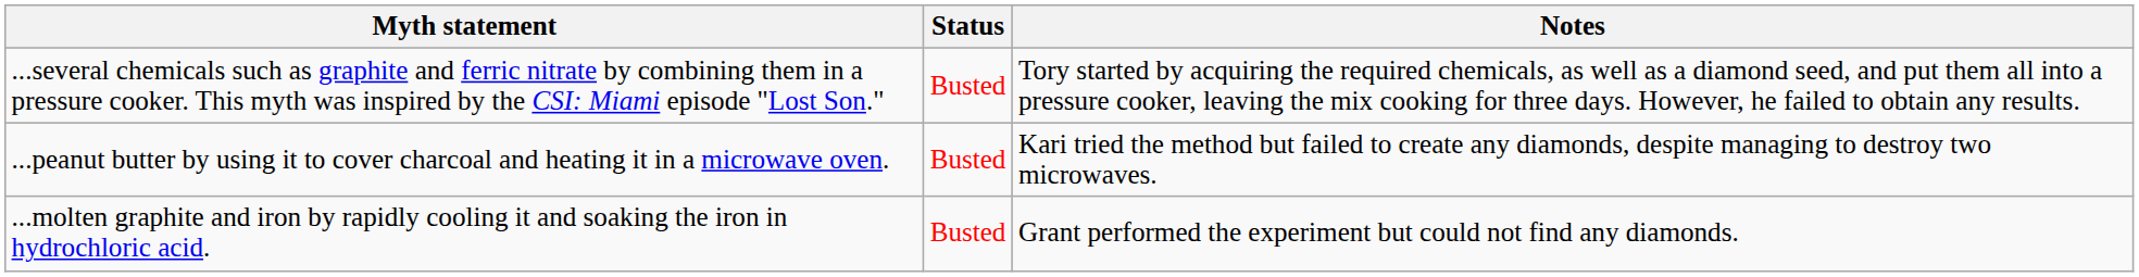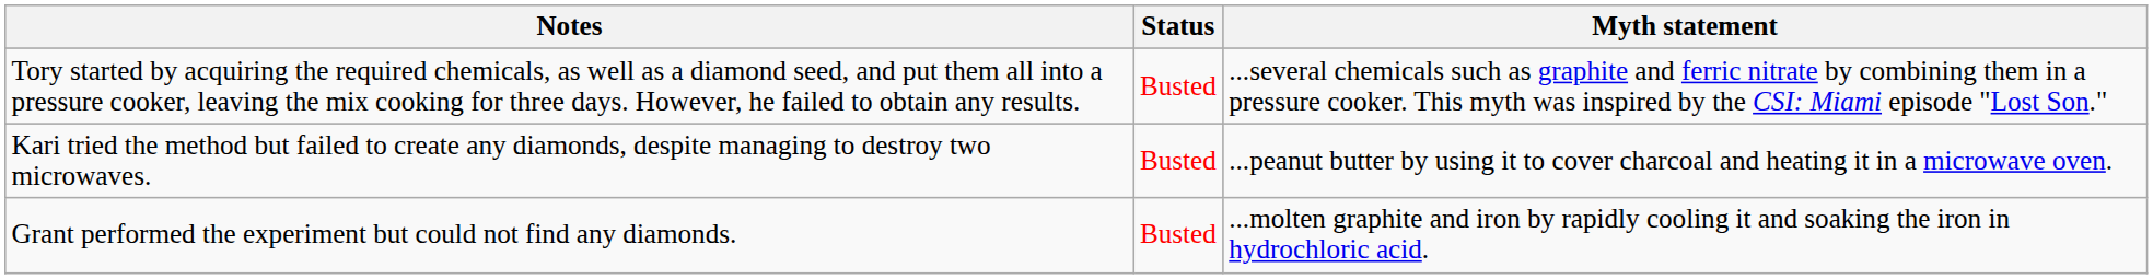 <table class="wikitable plainrowheaders">
 <tr>
+<th>Notes</th>
+<th>Status</th>
 <th>Myth statement</th>
-<th>Status</th>
-<th>Notes</th>
 </tr>
 <tr>
+<td>Tory started by acquiring the required chemicals, as well as a diamond seed, and put them all into a pressure cooker, leaving the mix cooking for three days. However, he failed to obtain any results.</td>
+<td style="color:red">Busted</td>
 <td>...several chemicals such as <a href='#'>graphite</a> and <a href='#'>ferric nitrate</a> by combining them in a pressure cooker. This myth was inspired by the <em><a href='#'>CSI: Miami</a></em> episode "<a href='#'>Lost Son</a>."</td>
-<td style="color:red">Busted</td>
-<td>Tory started by acquiring the required chemicals, as well as a diamond seed, and put them all into a pressure cooker, leaving the mix cooking for three days. However, he failed to obtain any results.</td>
 </tr>
 <tr>
+<td>Kari tried the method but failed to create any diamonds, despite managing to destroy two microwaves.</td>
+<td style="color:red">Busted</td>
 <td>...peanut butter by using it to cover charcoal and heating it in a <a href='#'>microwave oven</a>.</td>
-<td style="color:red">Busted</td>
-<td>Kari tried the method but failed to create any diamonds, despite managing to destroy two microwaves.</td>
 </tr>
 <tr>
+<td>Grant performed the experiment but could not find any diamonds.</td>
+<td style="color:red">Busted</td>
 <td>...molten graphite and iron by rapidly cooling it and soaking the iron in <a href='#'>hydrochloric acid</a>.</td>
-<td style="color:red">Busted</td>
-<td>Grant performed the experiment but could not find any diamonds.</td>
 </tr>
 </table>
